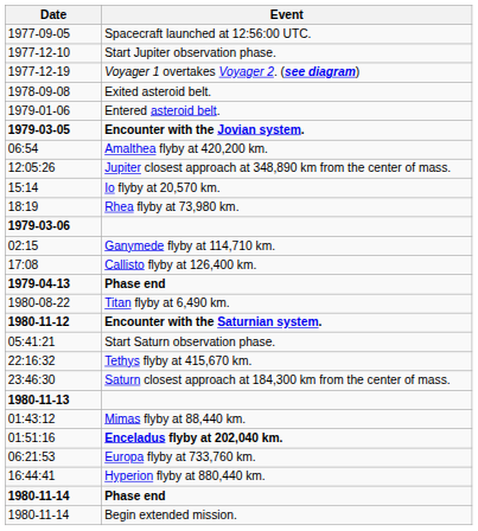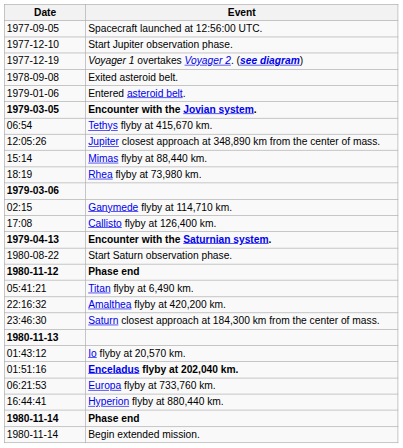 <table class="wikitable">
 <tr>
 <th scope="col" style="width:120px;">Date</th>
 <th style="width:480px;">Event</th>
 </tr>
 <tr>
 <td>1977-09-05</td>
 <td>Spacecraft launched at 12:56:00 UTC.</td>
 </tr>
 <tr>
 <td>1977-12-10</td>
 <td>Start Jupiter observation phase.</td>
 </tr>
 <tr>
 <td>1977-12-19</td>
 <td><em>Voyager 1</em> overtakes <em><a href='#'>Voyager 2</a></em>. (<strong><em><a href='#'>see diagram</a></em></strong>)</td>
 </tr>
 <tr>
 <td>1978-09-08</td>
 <td>Exited asteroid belt.</td>
 </tr>
 <tr>
 <td>1979-01-06</td>
 <td>Entered <a href='#'>asteroid belt</a>.</td>
 </tr>
 <tr>
 <td><strong>1979-03-05</strong></td>
 <td><strong>Encounter with the <a href='#'>Jovian system</a>.</strong></td>
 </tr>
 <tr>
 <td>06:54</td>
-<td><a href='#'>Amalthea</a> flyby at 420,200 km.</td>
+<td><a href='#'>Tethys</a> flyby at 415,670 km.</td>
 </tr>
 <tr>
 <td>12:05:26</td>
 <td><a href='#'>Jupiter</a> closest approach at 348,890 km from the center of mass.</td>
 </tr>
 <tr>
 <td>15:14</td>
-<td><a href='#'>Io</a> flyby at 20,570 km.</td>
+<td><a href='#'>Mimas</a> flyby at 88,440 km.</td>
 </tr>
 <tr>
 <td>18:19</td>
 <td><a href='#'>Rhea</a> flyby at 73,980 km.</td>
 </tr>
 <tr>
 <td><strong>1979-03-06</strong></td>
 <td></td>
 </tr>
 <tr>
 <td>02:15</td>
 <td><a href='#'>Ganymede</a> flyby at 114,710 km.</td>
 </tr>
 <tr>
 <td>17:08</td>
 <td><a href='#'>Callisto</a> flyby at 126,400 km.</td>
 </tr>
 <tr>
 <td><strong>1979-04-13</strong></td>
+<td><strong>Encounter with the <a href='#'>Saturnian system</a>.</strong></td>
+</tr>
+<tr>
+<td>1980-08-22</td>
+<td>Start Saturn observation phase.</td>
+</tr>
+<tr>
+<td><strong>1980-11-12</strong></td>
 <td><strong>Phase end</strong></td>
 </tr>
 <tr>
-<td>1980-08-22</td>
+<td>05:41:21</td>
 <td><a href='#'>Titan</a> flyby at 6,490 km.</td>
 </tr>
 <tr>
-<td><strong>1980-11-12</strong></td>
-<td><strong>Encounter with the <a href='#'>Saturnian system</a>.</strong></td>
-</tr>
-<tr>
-<td>05:41:21</td>
-<td>Start Saturn observation phase.</td>
-</tr>
-<tr>
 <td>22:16:32</td>
-<td><a href='#'>Tethys</a> flyby at 415,670 km.</td>
+<td><a href='#'>Amalthea</a> flyby at 420,200 km.</td>
 </tr>
 <tr>
 <td>23:46:30</td>
 <td><a href='#'>Saturn</a> closest approach at 184,300 km from the center of mass.</td>
 </tr>
 <tr>
 <td><strong>1980-11-13</strong></td>
 <td></td>
 </tr>
 <tr>
 <td>01:43:12</td>
-<td><a href='#'>Mimas</a> flyby at 88,440 km.</td>
+<td><a href='#'>Io</a> flyby at 20,570 km.</td>
 </tr>
 <tr>
 <td>01:51:16</td>
 <td><strong><a href='#'>Enceladus</a> flyby at 202,040 km.</strong></td>
 </tr>
 <tr>
 <td>06:21:53</td>
 <td><a href='#'>Europa</a> flyby at 733,760 km.</td>
 </tr>
 <tr>
 <td>16:44:41</td>
 <td><a href='#'>Hyperion</a> flyby at 880,440 km.</td>
 </tr>
 <tr>
 <td><strong>1980-11-14</strong></td>
 <td><strong>Phase end</strong></td>
 </tr>
 <tr>
 <td>1980-11-14</td>
 <td>Begin extended mission.</td>
 </tr>
 </table>
